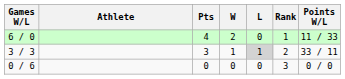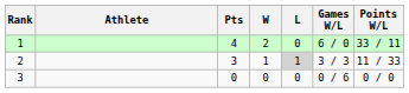 <table class="wikitable" style="text-align: center; font-size:90% ">
 <tr>
-<th width="40">Games<br>W/L</th>
+<th width="20">Rank</th>
 <th width="200">Athlete</th>
 <th width="30">Pts</th>
 <th width="30">W</th>
 <th width="30">L</th>
-<th width="20">Rank</th>
+<th width="40">Games<br>W/L</th>
 <th width="50">Points<br>W/L</th>
 </tr>
 <tr bgcolor=#ccffcc>
-<td>6 / 0</td>
+<td>1</td>
 <td align=left></td>
 <td>4</td>
 <td>2</td>
 <td>0</td>
-<td>1</td>
-<td>11 / 33</td>
+<td>6 / 0</td>
+<td>33 / 11</td>
 </tr>
 <tr>
-<td>3 / 3</td>
+<td>2</td>
 <td align=left></td>
 <td>3</td>
 <td>1</td>
 <td style="background: lightgrey;">1</td>
-<td>2</td>
-<td>33 / 11</td>
+<td>3 / 3</td>
+<td>11 / 33</td>
 </tr>
 <tr>
-<td>0 / 6</td>
+<td>3</td>
 <td align=left></td>
 <td>0</td>
 <td>0</td>
 <td>0</td>
-<td>3</td>
+<td>0 / 6</td>
 <td>0 / 0</td>
 </tr>
 </table>
